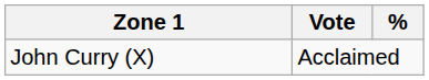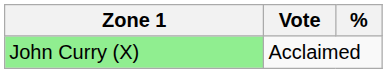 <table class="wikitable">
 <tr>
 <th bgcolor="#DDDDFF" width="200px">Zone 1</th>
 <th bgcolor="#DDDDFF" width="50px">Vote</th>
 <th bgcolor="#DDDDFF" width="30px">%</th>
 </tr>
 <tr>
-<td>John Curry (X)</td>
+<td style="background: lightgreen;">John Curry (X)</td>
 <td colspan="2">Acclaimed</td>
 </tr>
 </table>
